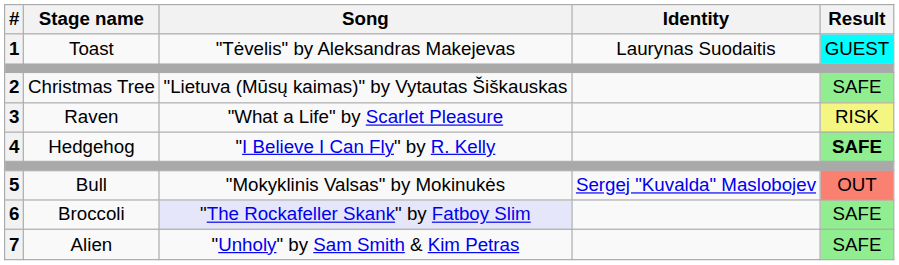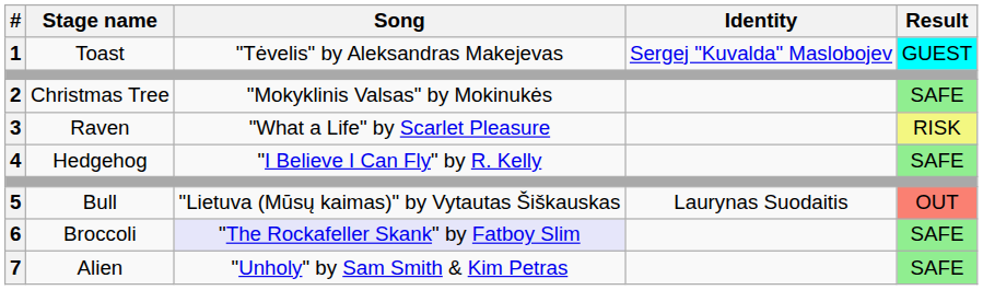 <table class="wikitable plainrowheaders" style="text-align: center;">
 <tr>
 <th>#</th>
 <th>Stage name</th>
 <th>Song</th>
 <th>Identity</th>
 <th>Result</th>
 </tr>
 <tr>
 <th>1</th>
 <td>Toast</td>
 <td>"Tėvelis" by Aleksandras Makejevas</td>
-<td>Laurynas Suodaitis</td>
+<td><a href='#'>Sergej "Kuvalda" Maslobojev</a></td>
 <td bgcolor=#00ffff>GUEST</td>
 </tr>
 <tr>
 <td colspan="5" style="background:darkgray"></td>
 </tr>
 <tr>
 <th>2</th>
 <td>Christmas Tree</td>
-<td>"Lietuva (Mūsų kaimas)" by Vytautas Šiškauskas</td>
+<td>"Mokyklinis Valsas" by Mokinukės</td>
 <td></td>
 <td bgcolor="lightgreen">SAFE</td>
 </tr>
 <tr>
 <th>3</th>
 <td>Raven</td>
 <td>"What a Life" by <a href='#'>Scarlet Pleasure</a></td>
 <td></td>
 <td bgcolor="#F3F781">RISK</td>
 </tr>
 <tr>
 <th>4</th>
 <td>Hedgehog</td>
 <td>"<a href='#'>I Believe I Can Fly</a>" by <a href='#'>R. Kelly</a></td>
 <td></td>
-<td bgcolor="lightgreen"><strong>SAFE</strong></td>
+<td bgcolor="lightgreen">SAFE</td>
 </tr>
 <tr>
 <td colspan="5" style="background:darkgray"></td>
 </tr>
 <tr>
 <th>5</th>
 <td>Bull</td>
-<td>"Mokyklinis Valsas" by Mokinukės</td>
-<td><a href='#'>Sergej "Kuvalda" Maslobojev</a></td>
+<td>"Lietuva (Mūsų kaimas)" by Vytautas Šiškauskas</td>
+<td>Laurynas Suodaitis</td>
 <td bgcolor="salmon">OUT</td>
 </tr>
 <tr>
 <th>6</th>
 <td>Broccoli</td>
 <td style="background: lavender;">"<a href='#'>The Rockafeller Skank</a>" by <a href='#'>Fatboy Slim</a></td>
 <td></td>
 <td bgcolor="lightgreen">SAFE</td>
 </tr>
 <tr>
 <th>7</th>
 <td>Alien</td>
 <td>"<a href='#'>Unholy</a>" by <a href='#'>Sam Smith</a> & <a href='#'>Kim Petras</a></td>
 <td></td>
 <td bgcolor="lightgreen">SAFE</td>
 </tr>
 </table>
